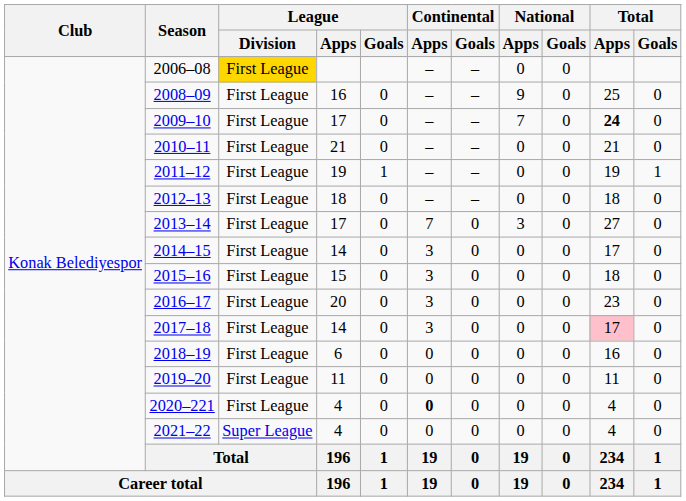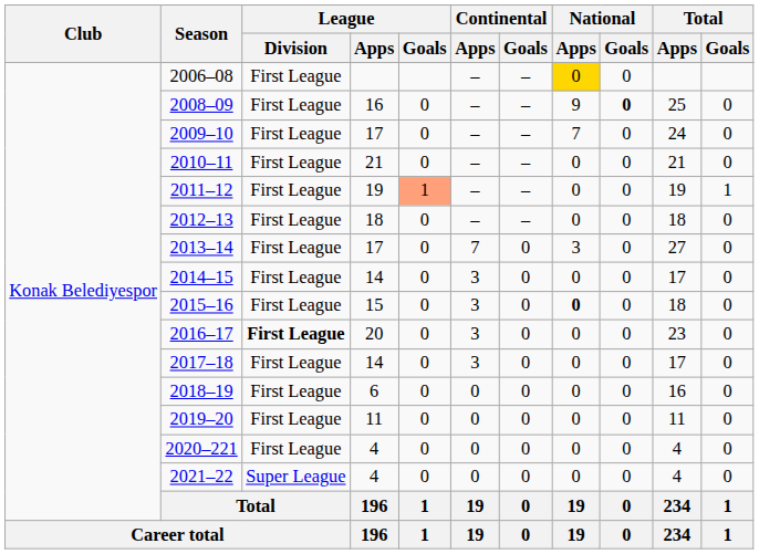 <table class="wikitable" style="text-align: center;">
 <tr>
 <th rowspan="2">Club</th>
 <th rowspan="2">Season</th>
 <th colspan="3">League</th>
 <th colspan="2">Continental</th>
 <th colspan="2">National</th>
 <th colspan="2">Total</th>
 </tr>
 <tr>
 <th>Division</th>
 <th>Apps</th>
 <th>Goals</th>
 <th>Apps</th>
 <th>Goals</th>
 <th>Apps</th>
 <th>Goals</th>
 <th>Apps</th>
 <th>Goals</th>
 </tr>
 <tr>
 <td rowspan=17><a href='#'>Konak Belediyespor</a></td>
 </tr>
 <tr>
 <td>2006–08</td>
-<td style="background: gold;">First League</td>
+<td>First League</td>
 <td></td>
 <td></td>
 <td>–</td>
 <td>–</td>
-<td>0</td>
+<td style="background: gold;">0</td>
 <td>0</td>
 <td></td>
 <td></td>
 </tr>
 <tr>
 <td><a href='#'>2008–09</a></td>
 <td>First League</td>
 <td>16</td>
 <td>0</td>
 <td>–</td>
 <td>–</td>
 <td>9</td>
-<td>0</td>
+<td><strong>0</strong></td>
 <td>25</td>
 <td>0</td>
 </tr>
 <tr>
 <td><a href='#'>2009–10</a></td>
 <td>First League</td>
 <td>17</td>
 <td>0</td>
 <td>–</td>
 <td>–</td>
 <td>7</td>
 <td>0</td>
-<td><strong>24</strong></td>
+<td>24</td>
 <td>0</td>
 </tr>
 <tr>
 <td><a href='#'>2010–11</a></td>
 <td>First League</td>
 <td>21</td>
 <td>0</td>
 <td>–</td>
 <td>–</td>
 <td>0</td>
 <td>0</td>
 <td>21</td>
 <td>0</td>
 </tr>
 <tr>
 <td><a href='#'>2011–12</a></td>
 <td>First League</td>
 <td>19</td>
-<td>1</td>
+<td style="background: lightsalmon;">1</td>
 <td>–</td>
 <td>–</td>
 <td>0</td>
 <td>0</td>
 <td>19</td>
 <td>1</td>
 </tr>
 <tr>
 <td><a href='#'>2012–13</a></td>
 <td>First League</td>
 <td>18</td>
 <td>0</td>
 <td>–</td>
 <td>–</td>
 <td>0</td>
 <td>0</td>
 <td>18</td>
 <td>0</td>
 </tr>
 <tr>
 <td><a href='#'>2013–14</a></td>
 <td>First League</td>
 <td>17</td>
 <td>0</td>
 <td>7</td>
 <td>0</td>
 <td>3</td>
 <td>0</td>
 <td>27</td>
 <td>0</td>
 </tr>
 <tr>
 <td><a href='#'>2014–15</a></td>
 <td>First League</td>
 <td>14</td>
 <td>0</td>
 <td>3</td>
 <td>0</td>
 <td>0</td>
 <td>0</td>
 <td>17</td>
 <td>0</td>
 </tr>
 <tr>
 <td><a href='#'>2015–16</a></td>
 <td>First League</td>
 <td>15</td>
 <td>0</td>
 <td>3</td>
 <td>0</td>
-<td>0</td>
+<td><strong>0</strong></td>
 <td>0</td>
 <td>18</td>
 <td>0</td>
 </tr>
 <tr>
 <td><a href='#'>2016–17</a></td>
-<td>First League</td>
+<td><strong>First League</strong></td>
 <td>20</td>
 <td>0</td>
 <td>3</td>
 <td>0</td>
 <td>0</td>
 <td>0</td>
 <td>23</td>
 <td>0</td>
 </tr>
 <tr>
 <td><a href='#'>2017–18</a></td>
 <td>First League</td>
 <td>14</td>
 <td>0</td>
 <td>3</td>
 <td>0</td>
 <td>0</td>
 <td>0</td>
-<td style="background: pink;">17</td>
+<td>17</td>
 <td>0</td>
 </tr>
 <tr>
 <td><a href='#'>2018–19</a></td>
 <td>First League</td>
 <td>6</td>
 <td>0</td>
 <td>0</td>
 <td>0</td>
 <td>0</td>
 <td>0</td>
 <td>16</td>
 <td>0</td>
 </tr>
 <tr>
 <td><a href='#'>2019–20</a></td>
 <td>First League</td>
 <td>11</td>
 <td>0</td>
 <td>0</td>
 <td>0</td>
 <td>0</td>
 <td>0</td>
 <td>11</td>
 <td>0</td>
 </tr>
 <tr>
 <td><a href='#'>2020–221</a></td>
 <td>First League</td>
 <td>4</td>
 <td>0</td>
-<td><strong>0</strong></td>
+<td>0</td>
 <td>0</td>
 <td>0</td>
 <td>0</td>
 <td>4</td>
 <td>0</td>
 </tr>
 <tr>
 <td><a href='#'>2021–22</a></td>
 <td><a href='#'>Super League</a></td>
 <td>4</td>
 <td>0</td>
 <td>0</td>
 <td>0</td>
 <td>0</td>
 <td>0</td>
 <td>4</td>
 <td>0</td>
 </tr>
 <tr>
 <th colspan="2">Total</th>
 <th>196</th>
 <th>1</th>
 <th>19</th>
 <th>0</th>
 <th>19</th>
 <th>0</th>
 <th>234</th>
 <th>1</th>
 </tr>
 <tr>
 <th colspan="3">Career total</th>
 <th>196</th>
 <th>1</th>
 <th>19</th>
 <th>0</th>
 <th>19</th>
 <th>0</th>
 <th>234</th>
 <th>1</th>
 </tr>
 </table>
